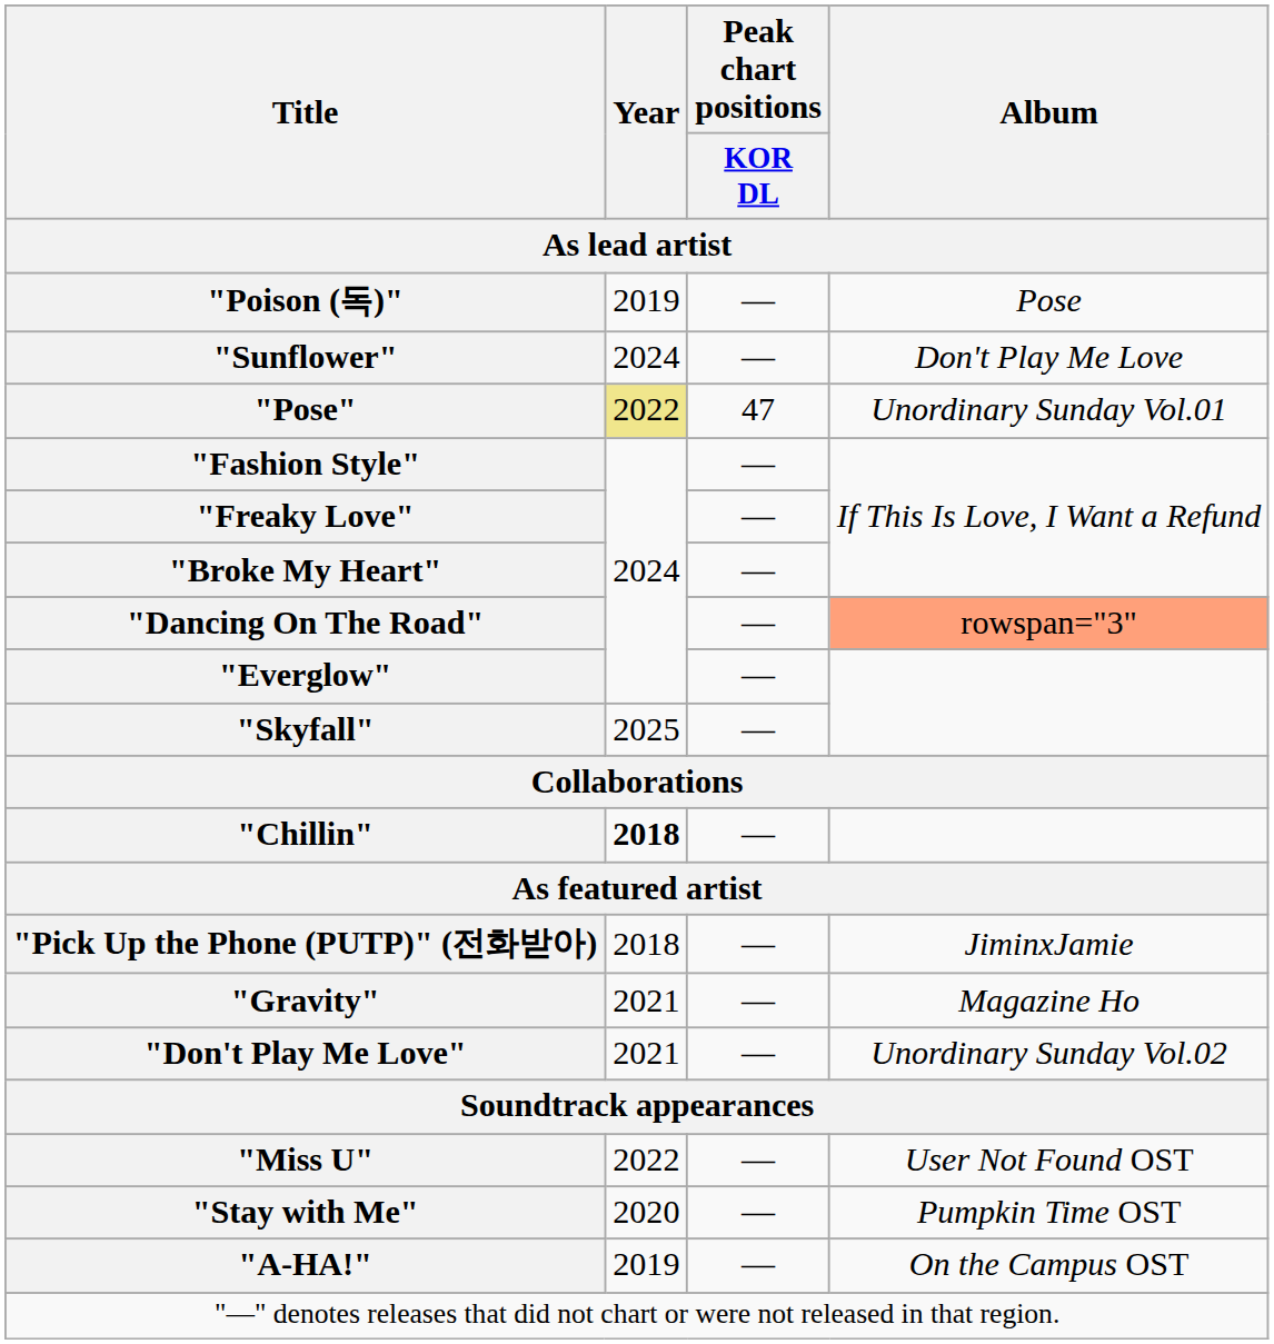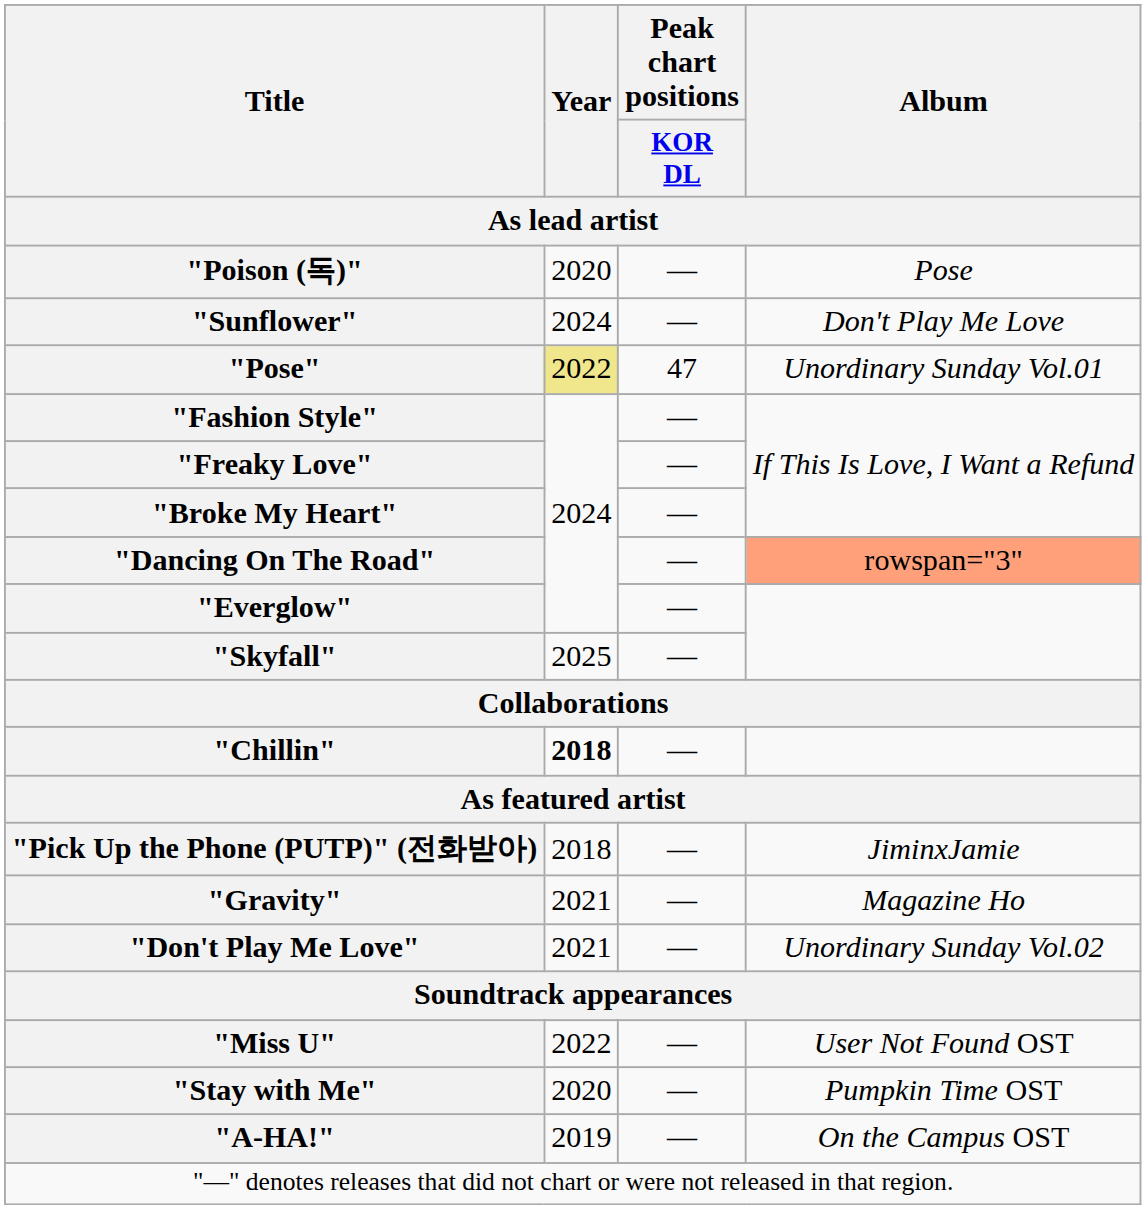 <table class="wikitable plainrowheaders" style="text-align:center;">
 <tr>
 <th scope="col" rowspan="2">Title</th>
 <th scope="col" rowspan="2">Year</th>
 <th scope="col">Peak chart positions</th>
 <th scope="col" rowspan="2">Album</th>
 </tr>
 <tr>
 <th scope="col" style="font-size:90%; width:2.5em"><a href='#'>KOR<br>DL</a><br></th>
 </tr>
 <tr>
 <th colspan="5">As lead artist</th>
 </tr>
 <tr>
 <th scope="row">"Poison (독)" <br></th>
-<td>2019</td>
+<td>2020</td>
 <td>—</td>
 <td><em>Pose</em></td>
 </tr>
 <tr>
 <th scope="row">"Sunflower" <br></th>
 <td>2024</td>
 <td>—</td>
 <td><em>Don't Play Me Love</em></td>
 </tr>
 <tr>
 <th scope="row">"Pose"</th>
 <td style="background: khaki;">2022</td>
 <td>47</td>
 <td><em>Unordinary Sunday Vol.01</em></td>
 </tr>
 <tr>
 <th scope="row">"Fashion Style"</th>
 <td rowspan="5">2024</td>
 <td>—</td>
 <td rowspan="3"><em>If This Is Love, I Want a Refund</em></td>
 </tr>
 <tr>
 <th scope="row">"Freaky Love"</th>
 <td>—</td>
 </tr>
 <tr>
 <th scope="row">"Broke My Heart"<br></th>
 <td>—</td>
 </tr>
 <tr>
 <th scope="row">"Dancing On The Road"</th>
 <td>—</td>
 <td style="background: lightsalmon;">rowspan="3" </td>
 </tr>
 <tr>
 <th scope="row">"Everglow"</th>
 <td>—</td>
 </tr>
 <tr>
 <th scope="row">"Skyfall"</th>
 <td>2025</td>
 <td>—</td>
 </tr>
 <tr>
 <th colspan="5">Collaborations</th>
 </tr>
 <tr>
 <th scope="row">"Chillin" </th>
 <td><strong>2018</strong></td>
 <td>—</td>
 <td></td>
 </tr>
 <tr>
 <th colspan="5">As featured artist</th>
 </tr>
 <tr>
 <th scope="row">"Pick Up the Phone (PUTP)" (전화받아)<br></th>
 <td>2018</td>
 <td>—</td>
 <td><em>JiminxJamie</em></td>
 </tr>
 <tr>
 <th scope="row">"Gravity"<br></th>
 <td>2021</td>
 <td>—</td>
 <td><em>Magazine Ho</em></td>
 </tr>
 <tr>
 <th scope="row">"Don't Play Me Love"<br></th>
 <td>2021</td>
 <td>—</td>
 <td><em>Unordinary Sunday Vol.02</em></td>
 </tr>
 <tr>
 <th colspan="5">Soundtrack appearances</th>
 </tr>
 <tr>
 <th scope="row">"Miss U" <br></th>
 <td>2022</td>
 <td>—</td>
 <td><em>User Not Found</em> OST</td>
 </tr>
 <tr>
 <th scope="row">"Stay with Me"</th>
 <td>2020</td>
 <td>—</td>
 <td><em>Pumpkin Time</em> OST</td>
 </tr>
 <tr>
 <th scope="row">"A-HA!" <br></th>
 <td>2019</td>
 <td>—</td>
 <td><em>On the Campus</em> OST</td>
 </tr>
 <tr>
 <td colspan="5" style="font-size:85%">"—" denotes releases that did not chart or were not released in that region.</td>
 </tr>
 </table>
